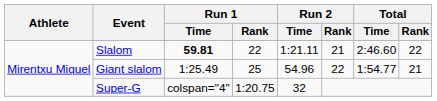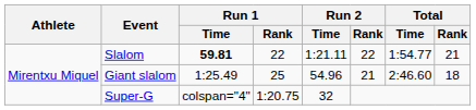 <table class="wikitable" style="font-size:90%">
 <tr>
 <th rowspan=2>Athlete</th>
 <th rowspan=2>Event</th>
 <th colspan=2>Run 1</th>
 <th colspan=2>Run 2</th>
 <th colspan=2>Total</th>
 </tr>
 <tr style="font-size:95%">
 <th>Time</th>
 <th>Rank</th>
 <th>Time</th>
 <th>Rank</th>
 <th>Time</th>
 <th>Rank</th>
 </tr>
 <tr align=center>
 <td align="left" rowspan="3"><a href='#'>Mirentxu Miquel</a></td>
 <td align="left"><a href='#'>Slalom</a></td>
 <td><strong>59.81</strong></td>
 <td>22</td>
 <td>1:21.11</td>
+<td>22</td>
+<td>1:54.77</td>
 <td>21</td>
-<td>2:46.60</td>
-<td>22</td>
 </tr>
 <tr align=center>
 <td align="left"><a href='#'>Giant slalom</a></td>
 <td>1:25.49</td>
 <td>25</td>
 <td>54.96</td>
-<td>22</td>
-<td>1:54.77</td>
 <td>21</td>
+<td>2:46.60</td>
+<td>18</td>
 </tr>
 <tr align=center>
 <td align="left"><a href='#'>Super-G</a></td>
 <td>colspan="4" </td>
 <td>1:20.75</td>
 <td>32</td>
 </tr>
 </table>
